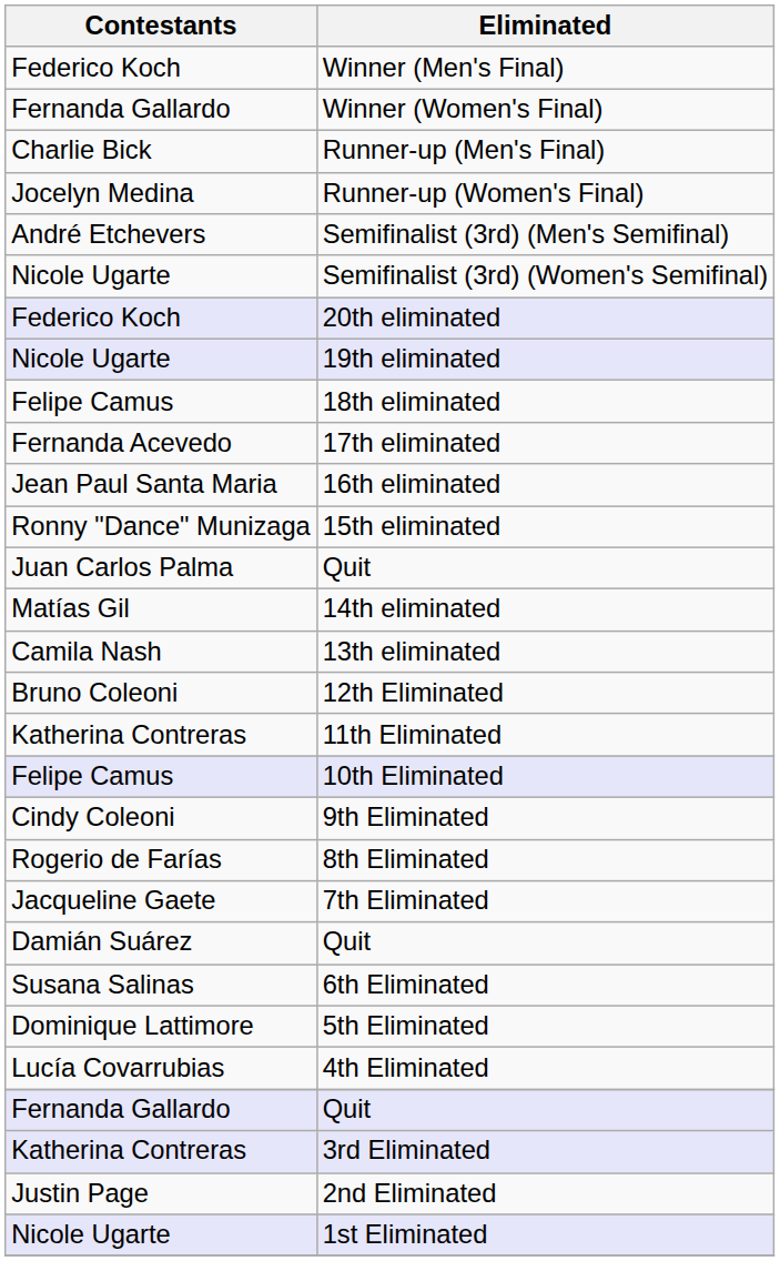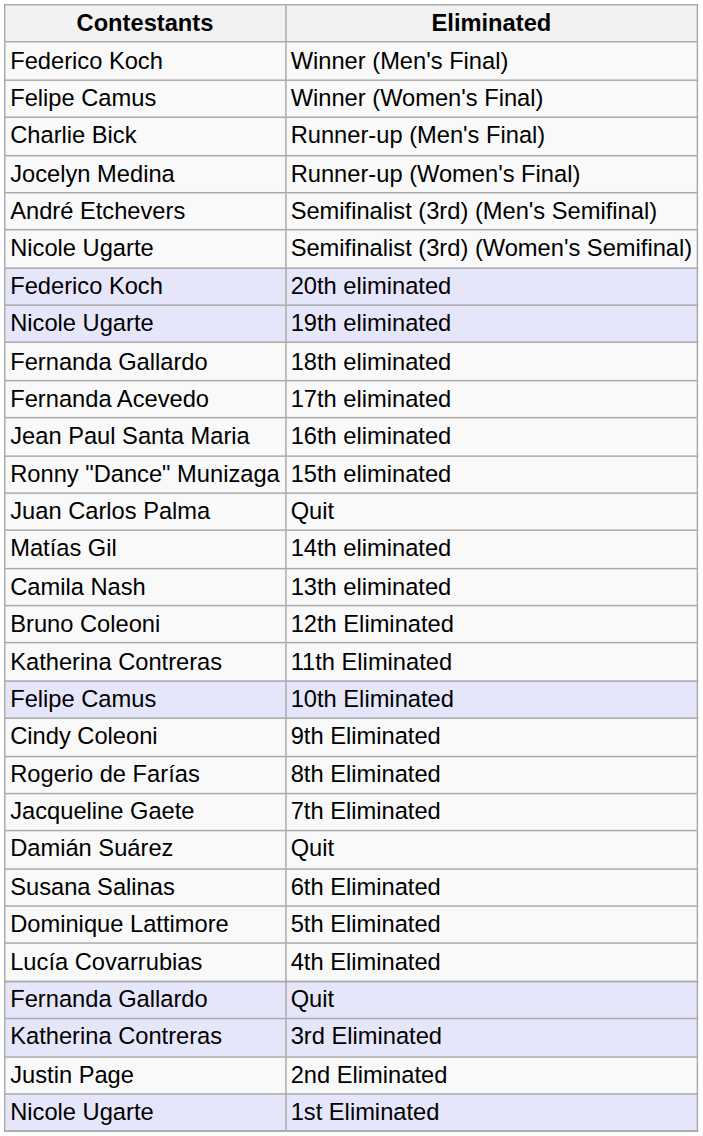 <table class="wikitable">
 <tr>
 <th>Contestants</th>
 <th>Eliminated</th>
 </tr>
 <tr>
 <td> Federico Koch</td>
 <td>Winner (Men's Final)</td>
 </tr>
 <tr>
-<td> Fernanda Gallardo</td>
+<td> Felipe Camus</td>
 <td>Winner (Women's Final)</td>
 </tr>
 <tr>
 <td> Charlie Bick</td>
 <td>Runner-up (Men's Final)</td>
 </tr>
 <tr>
 <td>  Jocelyn Medina</td>
 <td>Runner-up (Women's Final)</td>
 </tr>
 <tr>
 <td> André Etchevers</td>
 <td>Semifinalist (3rd) (Men's Semifinal)</td>
 </tr>
 <tr>
 <td> Nicole Ugarte</td>
 <td>Semifinalist (3rd) (Women's Semifinal)</td>
 </tr>
 <tr bgcolor=lavender>
 <td> Federico Koch</td>
 <td>20th eliminated</td>
 </tr>
 <tr bgcolor=lavender>
 <td> Nicole Ugarte</td>
 <td>19th eliminated</td>
 </tr>
 <tr>
-<td> Felipe Camus</td>
+<td> Fernanda Gallardo</td>
 <td>18th eliminated</td>
 </tr>
 <tr>
 <td> Fernanda Acevedo</td>
 <td>17th eliminated</td>
 </tr>
 <tr>
 <td> Jean Paul Santa Maria</td>
 <td>16th eliminated</td>
 </tr>
 <tr>
 <td> Ronny "Dance" Munizaga</td>
 <td>15th eliminated</td>
 </tr>
 <tr>
 <td> Juan Carlos Palma</td>
 <td>Quit</td>
 </tr>
 <tr>
 <td> Matías Gil</td>
 <td>14th eliminated</td>
 </tr>
 <tr>
 <td> Camila Nash</td>
 <td>13th eliminated</td>
 </tr>
 <tr>
 <td> Bruno Coleoni</td>
 <td>12th Eliminated</td>
 </tr>
 <tr>
 <td> Katherina Contreras</td>
 <td>11th Eliminated</td>
 </tr>
 <tr bgcolor=lavender>
 <td> Felipe Camus</td>
 <td>10th Eliminated</td>
 </tr>
 <tr>
 <td> Cindy Coleoni</td>
 <td>9th Eliminated</td>
 </tr>
 <tr>
 <td> Rogerio de Farías</td>
 <td>8th Eliminated</td>
 </tr>
 <tr>
 <td> Jacqueline Gaete</td>
 <td>7th Eliminated</td>
 </tr>
 <tr>
 <td> Damián Suárez</td>
 <td>Quit</td>
 </tr>
 <tr>
 <td> Susana Salinas</td>
 <td>6th Eliminated</td>
 </tr>
 <tr>
 <td> Dominique Lattimore</td>
 <td>5th Eliminated</td>
 </tr>
 <tr>
 <td> Lucía Covarrubias</td>
 <td>4th Eliminated</td>
 </tr>
 <tr>
 </tr>
 <tr bgcolor=lavender>
 <td> Fernanda Gallardo</td>
 <td>Quit</td>
 </tr>
 <tr bgcolor=lavender>
 <td> Katherina Contreras</td>
 <td>3rd Eliminated</td>
 </tr>
 <tr>
 <td> Justin Page</td>
 <td>2nd Eliminated</td>
 </tr>
 <tr bgcolor=lavender>
 <td> Nicole Ugarte</td>
 <td>1st Eliminated</td>
 </tr>
 <tr>
 </tr>
 </table>
